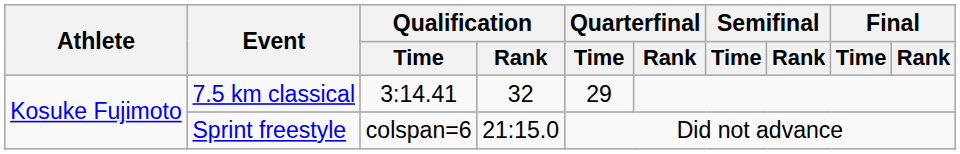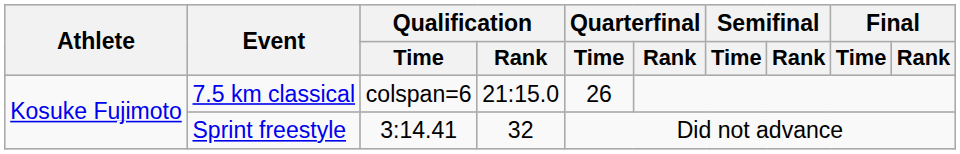 <table class="wikitable" style="font-size:90%">
 <tr>
 <th rowspan="2">Athlete</th>
 <th rowspan="2">Event</th>
 <th colspan="2">Qualification</th>
 <th colspan="2">Quarterfinal</th>
 <th colspan="2">Semifinal</th>
 <th colspan="2">Final</th>
 </tr>
 <tr style="font-size:95%">
 <th>Time</th>
 <th>Rank</th>
 <th>Time</th>
 <th>Rank</th>
 <th>Time</th>
 <th>Rank</th>
 <th>Time</th>
 <th>Rank</th>
 </tr>
 <tr align=center>
 <td align=left rowspan=2><a href='#'>Kosuke Fujimoto</a></td>
 <td align=left><a href='#'>7.5 km classical</a></td>
-<td>3:14.41</td>
-<td>32</td>
-<td>29</td>
+<td>colspan=6</td>
+<td>21:15.0</td>
+<td>26</td>
 </tr>
 <tr align=center>
 <td align=left><a href='#'>Sprint freestyle</a></td>
-<td>colspan=6</td>
-<td>21:15.0</td>
+<td>3:14.41</td>
+<td>32</td>
 <td colspan=6>Did not advance</td>
 </tr>
 </table>
